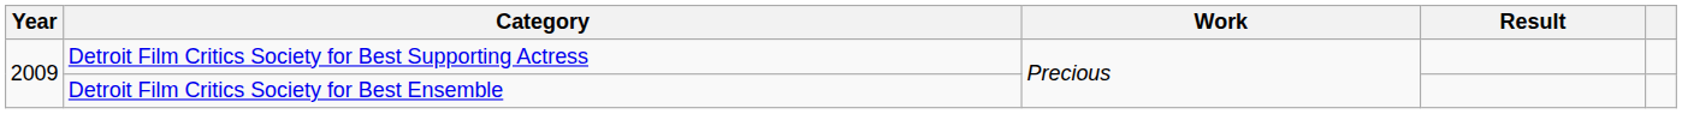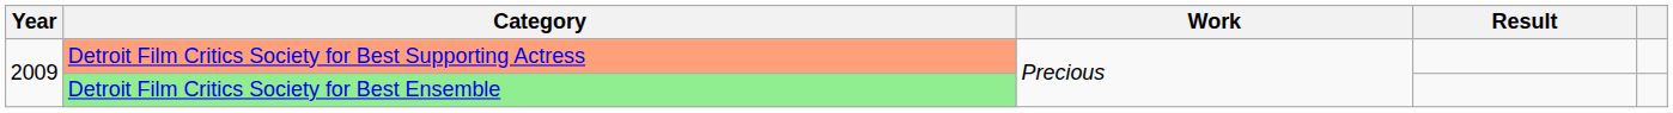 <table class="wikitable">
 <tr>
 <th scope="col" style="width:1em;">Year</th>
 <th scope="col" style="width:44em;">Category</th>
 <th scope="col" style="width:18em;">Work</th>
 <th scope="col" style="width:10em;">Result</th>
 <th class="unsortable" style="width:1em;"></th>
 </tr>
 <tr>
 <td rowspan="2">2009</td>
-<td><a href='#'>Detroit Film Critics Society for Best Supporting Actress</a></td>
+<td style="background: lightsalmon;"><a href='#'>Detroit Film Critics Society for Best Supporting Actress</a></td>
 <td rowspan="2"><em>Precious</em></td>
 <td></td>
 <td></td>
 </tr>
 <tr>
-<td><a href='#'>Detroit Film Critics Society for Best Ensemble</a> </td>
+<td style="background: lightgreen;"><a href='#'>Detroit Film Critics Society for Best Ensemble</a> </td>
 <td></td>
 <td></td>
 </tr>
 </table>
